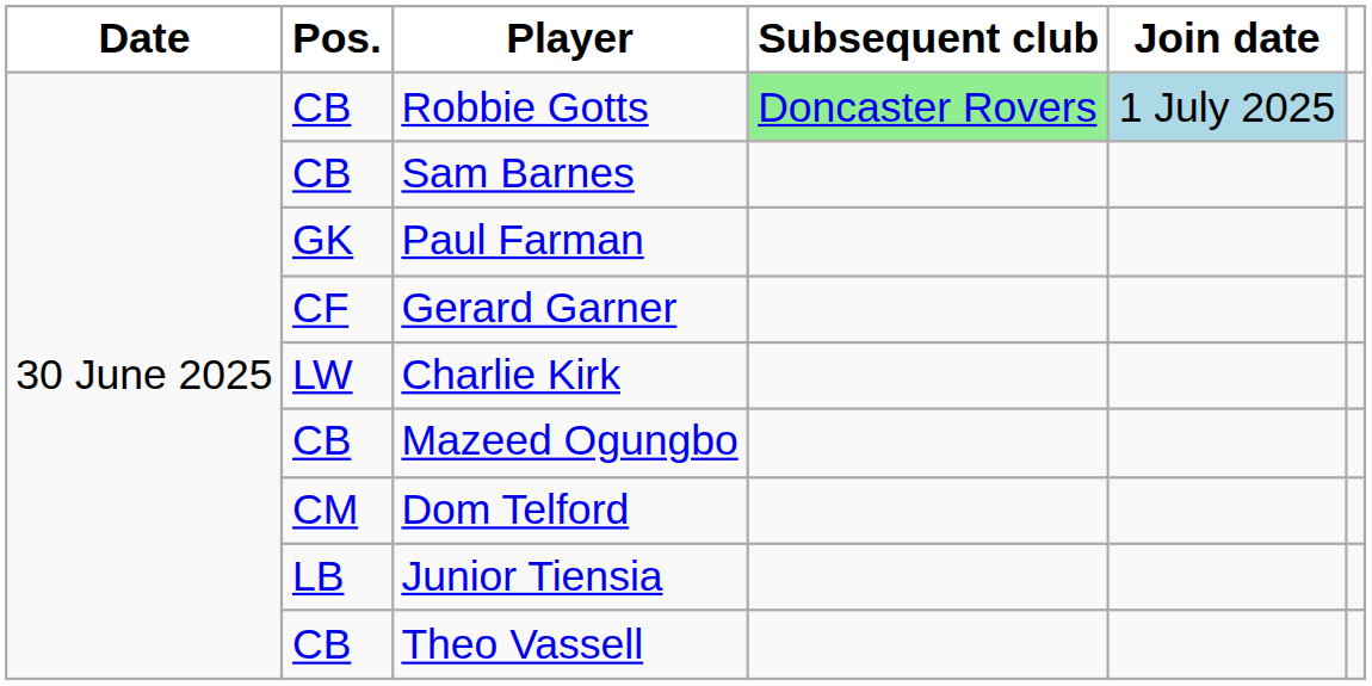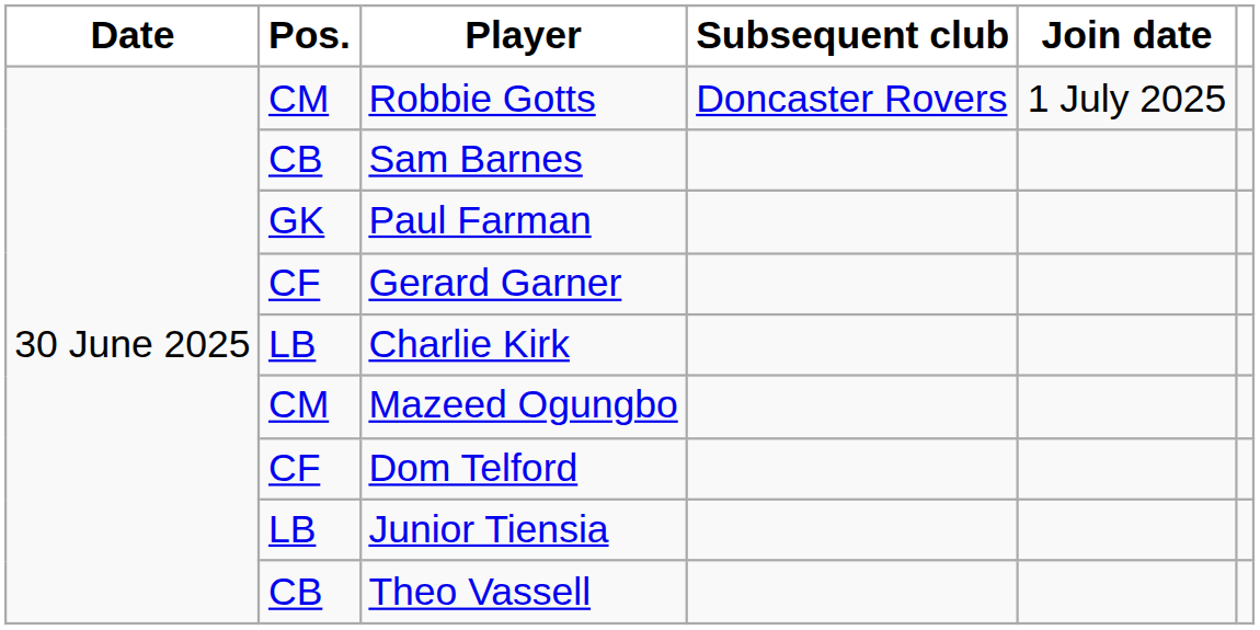 <table class="wikitable plainrowheaders sortable">
 <tr>
 <th style="background-color:white;">Date</th>
 <th style="background-color:white;">Pos.</th>
 <th style="background-color:white;">Player</th>
 <th style="background-color:white;">Subsequent club</th>
 <th style="background-color:white;">Join date</th>
 <th style="background-color:white;"></th>
 </tr>
 <tr>
 <td rowspan="9">30 June 2025</td>
-<td><a href='#'>CB</a></td>
+<td><a href='#'>CM</a></td>
 <td> <a href='#'>Robbie Gotts</a></td>
-<td style="background: lightgreen;"> <a href='#'>Doncaster Rovers</a></td>
-<td style="background: lightblue;">1 July 2025</td>
+<td> <a href='#'>Doncaster Rovers</a></td>
+<td>1 July 2025</td>
 <td></td>
 </tr>
 <tr>
 <td><a href='#'>CB</a></td>
 <td> <a href='#'>Sam Barnes</a></td>
 <td></td>
 <td></td>
 <td></td>
 </tr>
 <tr>
 <td><a href='#'>GK</a></td>
 <td> <a href='#'>Paul Farman</a></td>
 <td></td>
 <td></td>
 <td></td>
 </tr>
 <tr>
 <td><a href='#'>CF</a></td>
 <td> <a href='#'>Gerard Garner</a></td>
 <td></td>
 <td></td>
 <td></td>
 </tr>
 <tr>
-<td><a href='#'>LW</a></td>
+<td><a href='#'>LB</a></td>
 <td> <a href='#'>Charlie Kirk</a></td>
 <td></td>
 <td></td>
 <td></td>
 </tr>
 <tr>
-<td><a href='#'>CB</a></td>
+<td><a href='#'>CM</a></td>
 <td> <a href='#'>Mazeed Ogungbo</a></td>
 <td></td>
 <td></td>
 <td></td>
 </tr>
 <tr>
-<td><a href='#'>CM</a></td>
+<td><a href='#'>CF</a></td>
 <td> <a href='#'>Dom Telford</a></td>
 <td></td>
 <td></td>
 <td></td>
 </tr>
 <tr>
 <td><a href='#'>LB</a></td>
 <td> <a href='#'>Junior Tiensia</a></td>
 <td></td>
 <td></td>
 <td></td>
 </tr>
 <tr>
 <td><a href='#'>CB</a></td>
 <td> <a href='#'>Theo Vassell</a></td>
 <td></td>
 <td></td>
 <td></td>
 </tr>
 </table>
